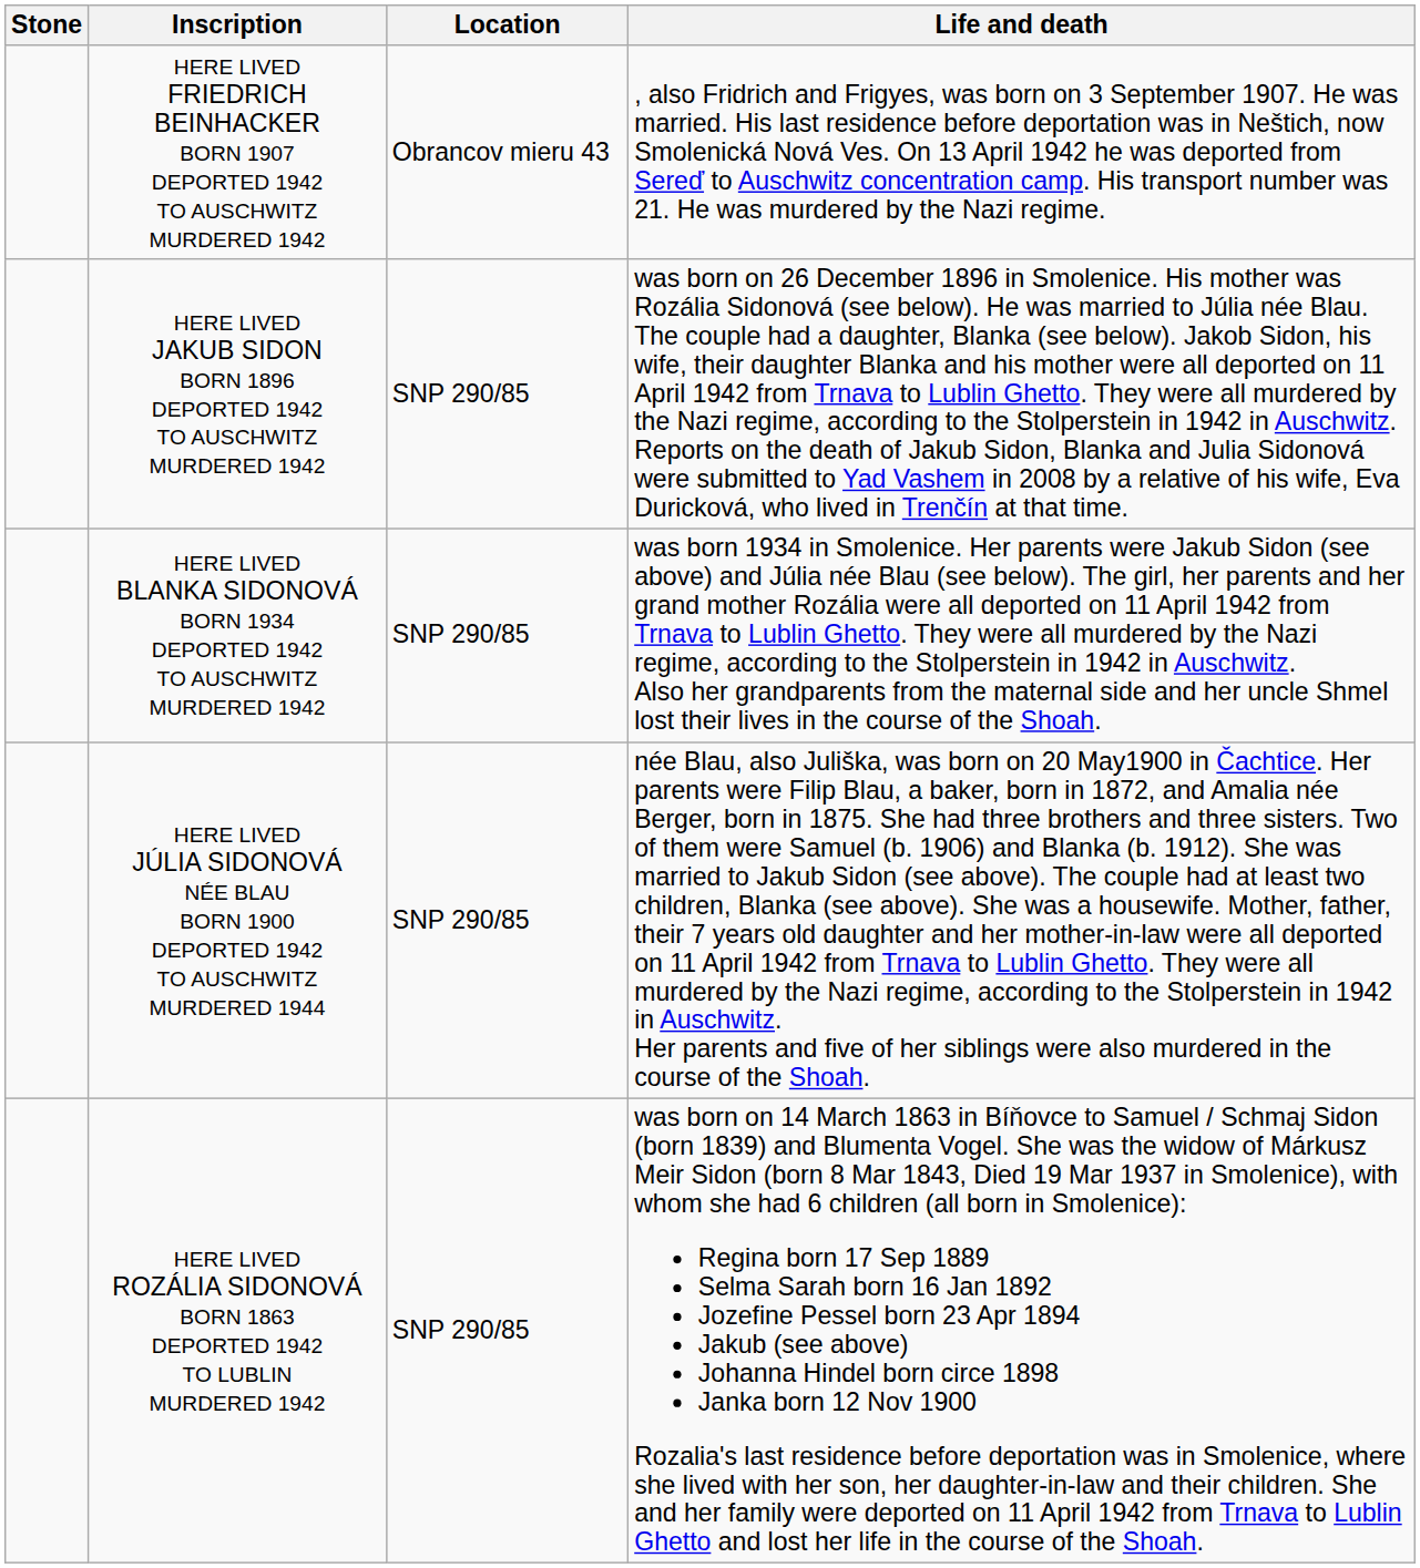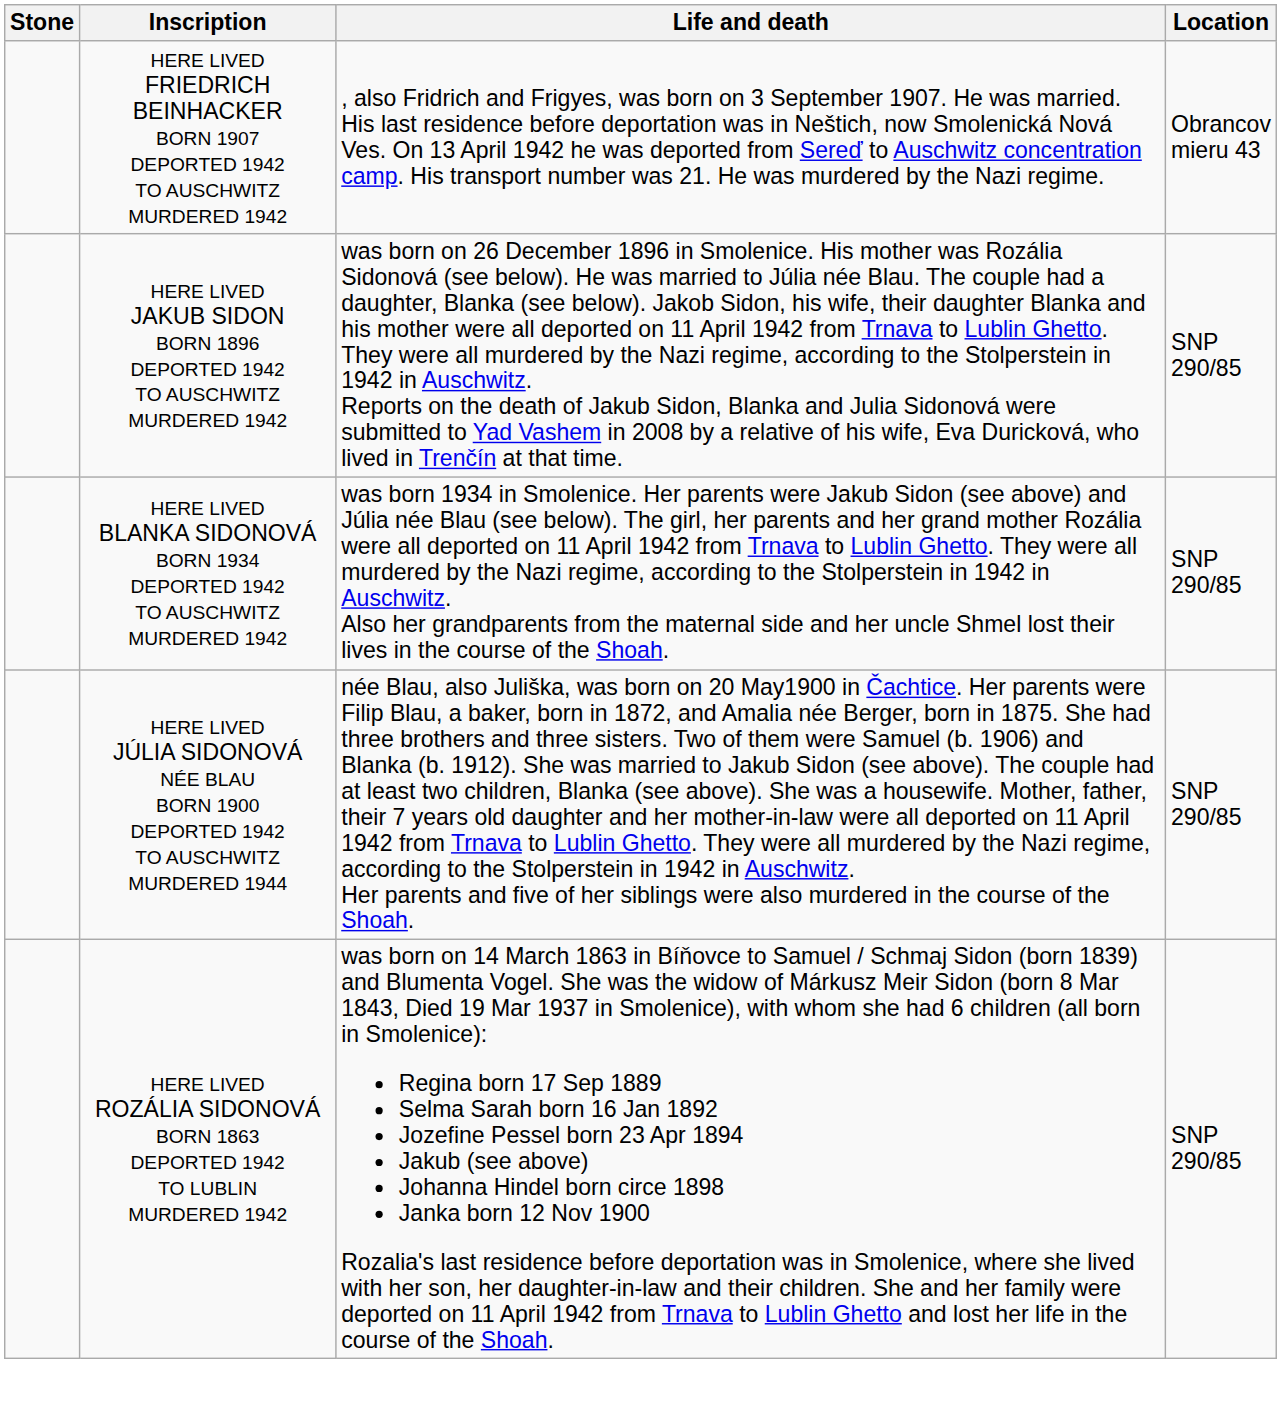 <table class="wikitable sortable toptextcells" style="width:100%">
 <tr>
 <th class="hintergrundfarbe6 unsortable" width="120px">Stone</th>
 <th class="hintergrundfarbe6 unsortable" style ="width:22%;">Inscription</th>
+<th class="hintergrundfarbe6" style="width:100%;">Life and death</th>
 <th class="hintergrundfarbe6" data-sort-type="text" style ="width:18%;">Location</th>
-<th class="hintergrundfarbe6" style="width:100%;">Life and death</th>
 </tr>
 <tr>
 <td style="text-align:center"></td>
 <td style="text-align:center"><div><small>HERE LIVED</small><br>FRIEDRICH BEINHACKER<br><small>BORN 1907<br>DEPORTED 1942<br>TO AUSCHWITZ<br>MURDERED 1942</small></div></td>
+<td><strong></strong>, also Fridrich and Frigyes, was born on 3 September 1907. He was married. His last residence before deportation was in Neštich, now Smolenická Nová Ves. On 13 April 1942 he was deported from <a href='#'>Sereď</a> to <a href='#'>Auschwitz concentration camp</a>. His transport number was 21. He was murdered by the Nazi regime.</td>
 <td>Obrancov mieru 43</td>
-<td><strong></strong>, also Fridrich and Frigyes, was born on 3 September 1907. He was married. His last residence before deportation was in Neštich, now Smolenická Nová Ves. On 13 April 1942 he was deported from <a href='#'>Sereď</a> to <a href='#'>Auschwitz concentration camp</a>. His transport number was 21. He was murdered by the Nazi regime.</td>
 </tr>
 <tr>
 <td></td>
 <td style="text-align:center"><div><small>HERE LIVED</small><br>JAKUB SIDON<br><small>BORN 1896<br>DEPORTED 1942<br>TO AUSCHWITZ<br>MURDERED 1942</small></div></td>
+<td><strong></strong> was born on 26 December 1896 in Smolenice. His mother was Rozália Sidonová (see below). He was married to Júlia née Blau. The couple had a daughter, Blanka (see below). Jakob Sidon, his wife, their daughter Blanka and his mother were all deported on 11 April 1942 from <a href='#'>Trnava</a> to <a href='#'>Lublin Ghetto</a>. They were all murdered by the Nazi regime, according to the Stolperstein in 1942 in <a href='#'>Auschwitz</a>.<br>Reports on the death of Jakub Sidon, Blanka and Julia Sidonová were submitted to <a href='#'>Yad Vashem</a> in 2008 by a relative of his wife, Eva Duricková, who lived in <a href='#'>Trenčín</a> at that time.</td>
 <td>SNP 290/85</td>
-<td><strong></strong> was born on 26 December 1896 in Smolenice. His mother was Rozália Sidonová (see below). He was married to Júlia née Blau. The couple had a daughter, Blanka (see below). Jakob Sidon, his wife, their daughter Blanka and his mother were all deported on 11 April 1942 from <a href='#'>Trnava</a> to <a href='#'>Lublin Ghetto</a>. They were all murdered by the Nazi regime, according to the Stolperstein in 1942 in <a href='#'>Auschwitz</a>.<br>Reports on the death of Jakub Sidon, Blanka and Julia Sidonová were submitted to <a href='#'>Yad Vashem</a> in 2008 by a relative of his wife, Eva Duricková, who lived in <a href='#'>Trenčín</a> at that time.</td>
 </tr>
 <tr>
 <td></td>
 <td style="text-align:center"><div><small>HERE LIVED</small><br>BLANKA SIDONOVÁ<br><small>BORN 1934<br>DEPORTED 1942<br>TO AUSCHWITZ<br>MURDERED 1942</small></div></td>
+<td><strong></strong> was born 1934 in Smolenice. Her parents were Jakub Sidon (see above) and Júlia née Blau (see below). The girl, her parents and her grand mother Rozália were all deported on 11 April 1942 from <a href='#'>Trnava</a> to <a href='#'>Lublin Ghetto</a>. They were all murdered by the Nazi regime, according to the Stolperstein in 1942 in <a href='#'>Auschwitz</a>.<br>Also her grandparents from the maternal side and her uncle Shmel lost their lives in the course of the <a href='#'>Shoah</a>.</td>
 <td>SNP 290/85</td>
-<td><strong></strong> was born 1934 in Smolenice. Her parents were Jakub Sidon (see above) and Júlia née Blau (see below). The girl, her parents and her grand mother Rozália were all deported on 11 April 1942 from <a href='#'>Trnava</a> to <a href='#'>Lublin Ghetto</a>. They were all murdered by the Nazi regime, according to the Stolperstein in 1942 in <a href='#'>Auschwitz</a>.<br>Also her grandparents from the maternal side and her uncle Shmel lost their lives in the course of the <a href='#'>Shoah</a>.</td>
 </tr>
 <tr>
 <td></td>
 <td style="text-align:center"><div><small>HERE LIVED</small><br>JÚLIA SIDONOVÁ<br><small>NÉE BLAU<br>BORN 1900<br>DEPORTED 1942<br>TO AUSCHWITZ<br>MURDERED 1944</small></div></td>
+<td><strong></strong> née Blau, also Juliška, was born on 20 May1900 in <a href='#'>Čachtice</a>. Her parents were Filip Blau, a baker, born in 1872, and Amalia née Berger, born in 1875. She had three brothers and three sisters. Two of them were Samuel (b. 1906) and Blanka (b. 1912). She was married to Jakub Sidon (see above). The couple had at least two children, Blanka (see above). She was a housewife. Mother, father, their 7 years old daughter and her mother-in-law were all deported on 11 April 1942 from <a href='#'>Trnava</a> to <a href='#'>Lublin Ghetto</a>. They were all murdered by the Nazi regime, according to the Stolperstein in 1942 in <a href='#'>Auschwitz</a>.<br>Her parents and five of her siblings were also murdered in the course of the <a href='#'>Shoah</a>.</td>
 <td>SNP 290/85</td>
-<td><strong></strong> née Blau, also Juliška, was born on 20 May1900 in <a href='#'>Čachtice</a>. Her parents were Filip Blau, a baker, born in 1872, and Amalia née Berger, born in 1875. She had three brothers and three sisters. Two of them were Samuel (b. 1906) and Blanka (b. 1912). She was married to Jakub Sidon (see above). The couple had at least two children, Blanka (see above). She was a housewife. Mother, father, their 7 years old daughter and her mother-in-law were all deported on 11 April 1942 from <a href='#'>Trnava</a> to <a href='#'>Lublin Ghetto</a>. They were all murdered by the Nazi regime, according to the Stolperstein in 1942 in <a href='#'>Auschwitz</a>.<br>Her parents and five of her siblings were also murdered in the course of the <a href='#'>Shoah</a>.</td>
 </tr>
 <tr>
 <td></td>
 <td style="text-align:center"><div><small>HERE LIVED</small><br>ROZÁLIA SIDONOVÁ<br><small>BORN 1863<br>DEPORTED 1942<br>TO LUBLIN<br>MURDERED 1942</small></div></td>
+<td><strong></strong> was born on 14 March 1863 in Bíňovce to Samuel / Schmaj Sidon (born 1839) and Blumenta Vogel. She was the widow of Márkusz Meir Sidon (born 8 Mar 1843, Died 19 Mar 1937 in Smolenice), with whom she had 6 children (all born in Smolenice):<br><ul><li>Regina born 17 Sep 1889 </li><li>Selma Sarah born 16 Jan 1892 </li><li>Jozefine Pessel born 23 Apr 1894 </li><li>Jakub (see above) </li><li>Johanna Hindel born circe 1898 </li><li>Janka born 12 Nov 1900 </li></ul>Rozalia's last residence before deportation was in Smolenice, where she lived with her son, her daughter-in-law and their children. She and her family were deported on 11 April 1942 from <a href='#'>Trnava</a> to <a href='#'>Lublin Ghetto</a> and lost her life in the course of the <a href='#'>Shoah</a>.</td>
 <td>SNP 290/85</td>
-<td><strong></strong> was born on 14 March 1863 in Bíňovce to Samuel / Schmaj Sidon (born 1839) and Blumenta Vogel. She was the widow of Márkusz Meir Sidon (born 8 Mar 1843, Died 19 Mar 1937 in Smolenice), with whom she had 6 children (all born in Smolenice):<br><ul><li>Regina born 17 Sep 1889 </li><li>Selma Sarah born 16 Jan 1892 </li><li>Jozefine Pessel born 23 Apr 1894 </li><li>Jakub (see above) </li><li>Johanna Hindel born circe 1898 </li><li>Janka born 12 Nov 1900 </li></ul>Rozalia's last residence before deportation was in Smolenice, where she lived with her son, her daughter-in-law and their children. She and her family were deported on 11 April 1942 from <a href='#'>Trnava</a> to <a href='#'>Lublin Ghetto</a> and lost her life in the course of the <a href='#'>Shoah</a>.</td>
 </tr>
 </table>
